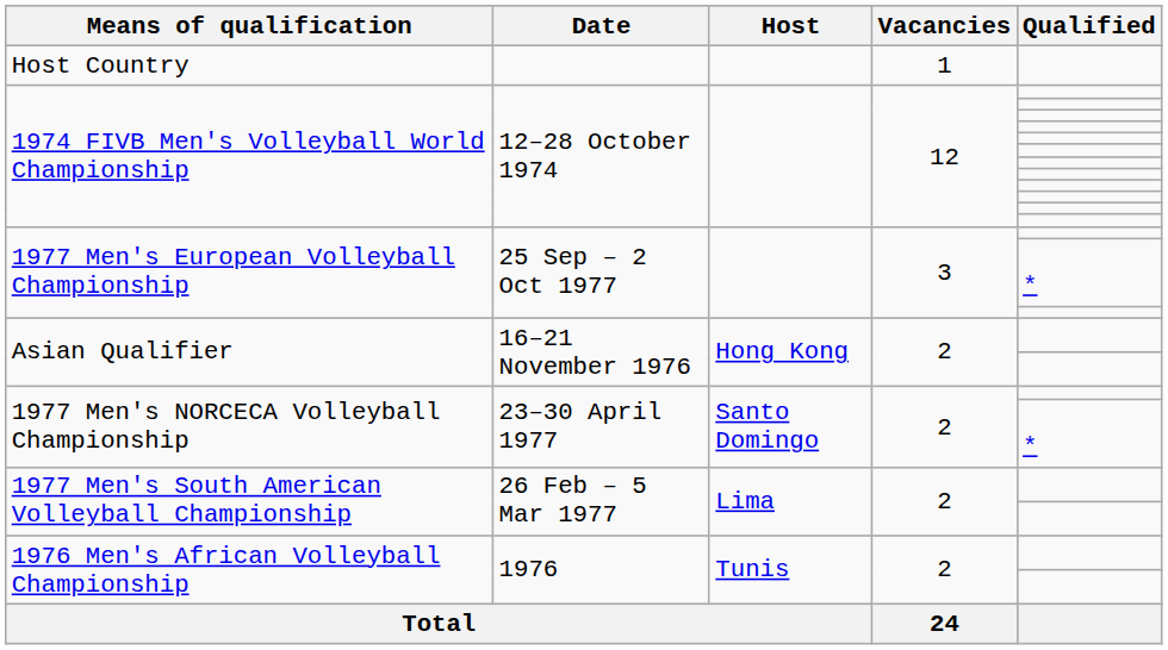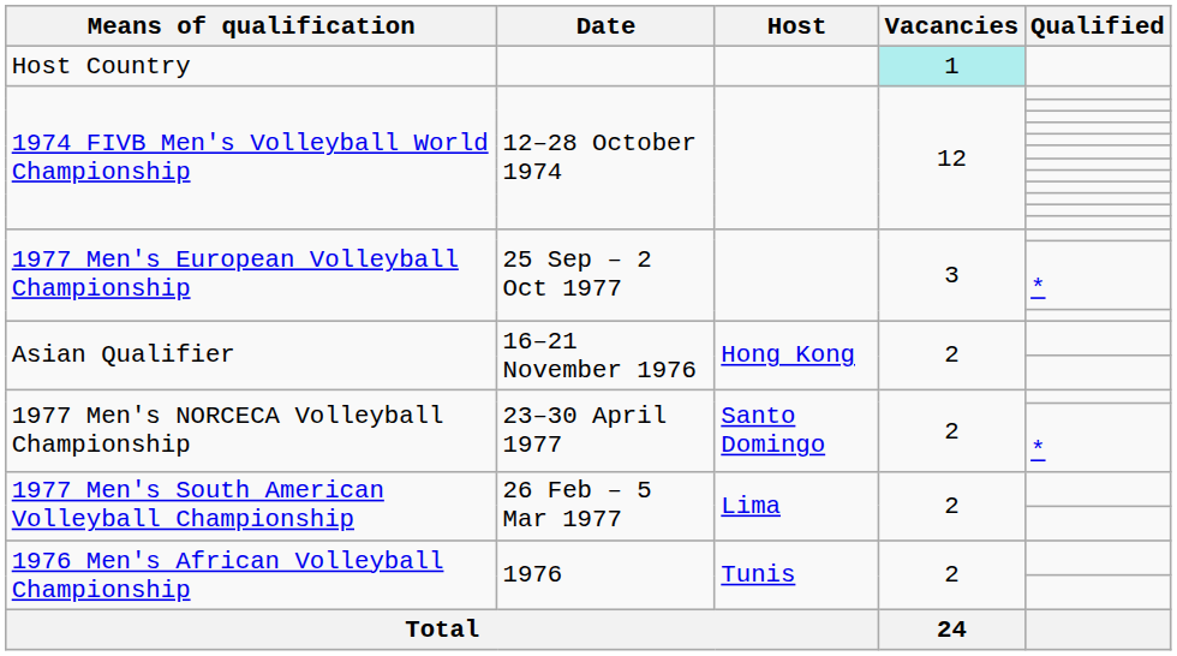 <table class="wikitable">
 <tr>
 <th>Means of qualification</th>
 <th>Date</th>
 <th>Host</th>
 <th>Vacancies</th>
 <th>Qualified</th>
 </tr>
 <tr>
 <td>Host Country</td>
 <td></td>
 <td></td>
-<td align=center>1</td>
+<td align=center style="background: paleturquoise;">1</td>
 <td></td>
 </tr>
 <tr>
 <td rowspan=12><a href='#'>1974 FIVB Men's Volleyball World Championship</a></td>
 <td rowspan=12>12–28 October 1974</td>
 <td rowspan=12></td>
 <td rowspan=12 align=center>12</td>
 <td></td>
 </tr>
 <tr>
 <td></td>
 </tr>
 <tr>
 <td></td>
 </tr>
 <tr>
 <td></td>
 </tr>
 <tr>
 <td></td>
 </tr>
 <tr>
 <td></td>
 </tr>
 <tr>
 <td></td>
 </tr>
 <tr>
 <td></td>
 </tr>
 <tr>
 <td></td>
 </tr>
 <tr>
 <td></td>
 </tr>
 <tr>
 <td></td>
 </tr>
 <tr>
 <td></td>
 </tr>
 <tr>
 <td rowspan=3><a href='#'>1977 Men's European Volleyball Championship</a></td>
 <td rowspan=3>25 Sep – 2 Oct 1977</td>
 <td rowspan=3></td>
 <td rowspan=3 align=center>3</td>
 <td></td>
 </tr>
 <tr>
 <td><s></s><br><a href='#'>*</a></td>
 </tr>
 <tr>
 <td></td>
 </tr>
 <tr>
 <td rowspan=2>Asian Qualifier</td>
 <td rowspan=2>16–21 November 1976</td>
 <td rowspan=2> <a href='#'>Hong Kong</a></td>
 <td rowspan=2 align=center>2</td>
 <td></td>
 </tr>
 <tr>
 <td></td>
 </tr>
 <tr>
 <td rowspan=2>1977 Men's NORCECA Volleyball Championship</td>
 <td rowspan=2>23–30 April 1977</td>
 <td rowspan=2> <a href='#'>Santo Domingo</a></td>
 <td rowspan=2 align=center>2</td>
 <td></td>
 </tr>
 <tr>
 <td><s></s><br><a href='#'>*</a></td>
 </tr>
 <tr>
 <td rowspan=2><a href='#'>1977 Men's South American Volleyball Championship</a></td>
 <td rowspan=2>26 Feb – 5 Mar 1977</td>
 <td rowspan=2> <a href='#'>Lima</a></td>
 <td rowspan=2 align=center>2</td>
 <td></td>
 </tr>
 <tr>
 <td></td>
 </tr>
 <tr>
 <td rowspan=2><a href='#'>1976 Men's African Volleyball Championship</a></td>
 <td rowspan=2>1976</td>
 <td rowspan=2> <a href='#'>Tunis</a></td>
 <td rowspan=2 align=center>2</td>
 <td></td>
 </tr>
 <tr>
 <td></td>
 </tr>
 <tr>
 <th colspan="3">Total</th>
 <th>24</th>
 <th></th>
 </tr>
 </table>
